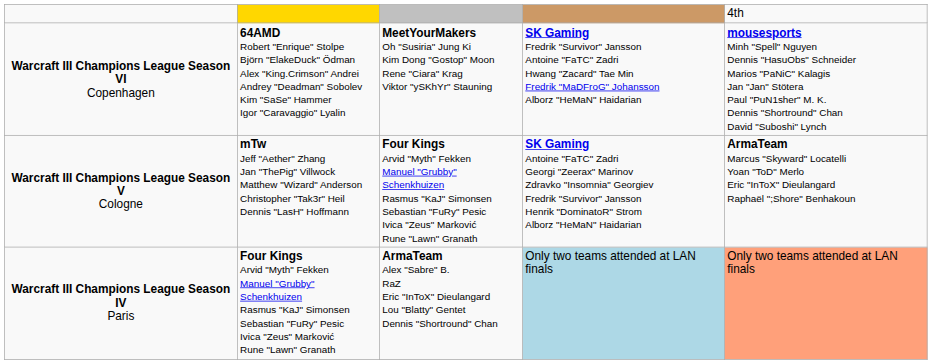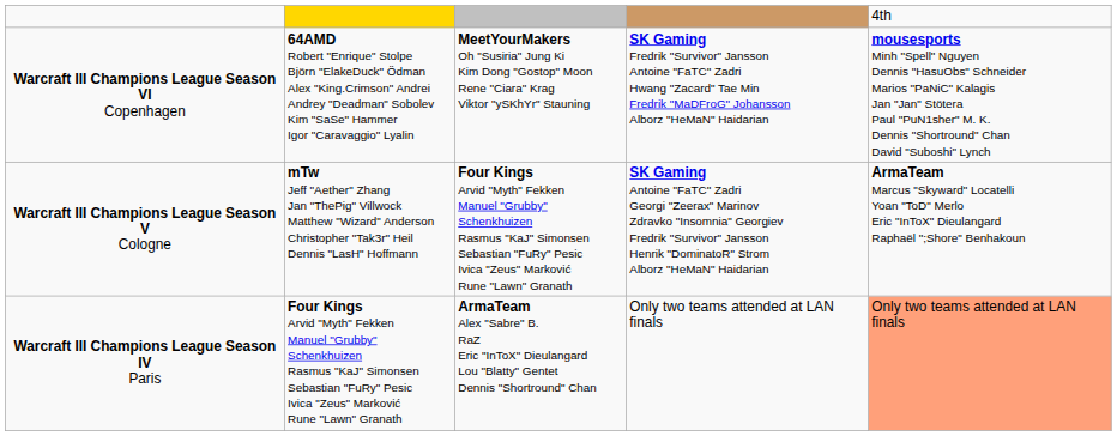 <table class="wikitable" style="text-align:left">
 <tr>
 <td style="text-align:center"></td>
 <td style="text-align:center; background:gold;"></td>
 <td style="text-align:center; background:silver;"></td>
 <td style="text-align:center; background:#c96;"></td>
 <td>4th</td>
 </tr>
 <tr>
 <td style="text-align:center"><strong>Warcraft III Champions League Season VI</strong><br> Copenhagen</td>
 <td style="vertical-align:top"> <strong>64AMD</strong><br><small> Robert "Enrique" Stolpe <br> Björn "ElakeDuck" Ödman<br> Alex "King.Crimson" Andrei<br> Andrey "Deadman" Sobolev<br> Kim "SaSe" Hammer<br> Igor "Caravaggio" Lyalin</small></td>
 <td style="vertical-align:top"> <strong>MeetYourMakers</strong><br><small> Oh "Susiria" Jung Ki<br> Kim Dong "Gostop" Moon<br> Rene "Ciara" Krag<br> Viktor "ySKhYr" Stauning</small></td>
 <td style="vertical-align:top"> <strong><a href='#'>SK Gaming</a></strong><br><small> Fredrik "Survivor" Jansson<br> Antoine "FaTC" Zadri<br> Hwang "Zacard" Tae Min<br> <a href='#'>Fredrik "MaDFroG" Johansson</a> <br> Alborz "HeMaN" Haidarian</small></td>
 <td style="vertical-align:top"> <strong><a href='#'>mousesports</a></strong><br><small> Minh "Spell" Nguyen<br> Dennis "HasuObs" Schneider<br>Marios "PaNiC" Kalagis<br> Jan "Jan" Stötera<br> Paul "PuN1sher" M. K.<br> Dennis "Shortround" Chan<br> David "Suboshi" Lynch</small></td>
 </tr>
 <tr>
 <td style="text-align:center"><strong>Warcraft III Champions League Season V</strong><br> Cologne</td>
 <td style="vertical-align:top"> <strong>mTw</strong><br><small> Jeff "Aether" Zhang<br> Jan "ThePig" Villwock<br> Matthew "Wizard" Anderson<br> Christopher "Tak3r" Heil<br> Dennis "LasH" Hoffmann</small></td>
 <td style="vertical-align:top"> <strong>Four Kings</strong><br><small> Arvid "Myth" Fekken<br> <a href='#'>Manuel "Grubby" Schenkhuizen</a><br>  Rasmus "KaJ" Simonsen<br> Sebastian "FuRy" Pesic<br> Ivica "Zeus" Marković<br> Rune "Lawn" Granath</small></td>
 <td style="vertical-align:top"> <strong><a href='#'>SK Gaming</a></strong><br><small> Antoine "FaTC" Zadri<br> Georgi "Zeerax" Marinov<br> Zdravko "Insomnia" Georgiev<br> Fredrik "Survivor" Jansson<br> Henrik "DominatoR" Strom<br> Alborz "HeMaN" Haidarian</small></td>
 <td style="vertical-align:top"> <strong>ArmaTeam</strong><br><small> Marcus "Skyward" Locatelli<br> Yoan "ToD" Merlo<br> Eric "InToX" Dieulangard<br> Raphaël ";Shore" Benhakoun</small></td>
 </tr>
 <tr>
 <td style="text-align:center"><strong>Warcraft III Champions League Season IV</strong><br> Paris</td>
 <td style="vertical-align:top"> <strong>Four Kings</strong><br><small> Arvid "Myth" Fekken<br> <a href='#'>Manuel "Grubby" Schenkhuizen</a><br>  Rasmus "KaJ" Simonsen<br> Sebastian "FuRy" Pesic<br> Ivica "Zeus" Marković<br> Rune "Lawn" Granath</small></td>
 <td style="vertical-align:top"> <strong>ArmaTeam</strong><br><small> Alex "Sabre" B.<br> RaZ<br> Eric "InToX" Dieulangard<br> Lou "Blatty" Gentet<br> Dennis "Shortround" Chan</small></td>
-<td style="background: lightblue; vertical-align:top">Only two teams attended at LAN finals</td>
+<td style="vertical-align:top">Only two teams attended at LAN finals</td>
 <td style="background: lightsalmon; vertical-align:top">Only two teams attended at LAN finals</td>
 </tr>
 </table>
